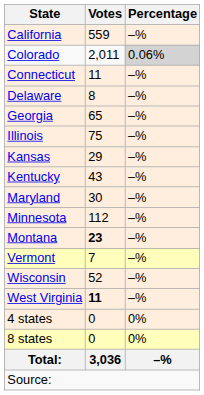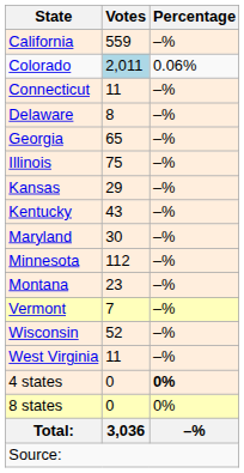 <table class="wikitable mw-collapsible mw-collapsed sortable tpl-blanktable">
 <tr>
 <th>State</th>
 <th>Votes</th>
 <th>Percentage</th>
 </tr>
 <tr style="background:#FED">
 <td><a href='#'>California</a></td>
 <td>559</td>
 <td>–%</td>
 </tr>
 <tr>
 <td><a href='#'>Colorado</a></td>
-<td>2,011</td>
-<td style="background: lightgrey;">0.06%</td>
+<td style="background: lightblue;">2,011</td>
+<td>0.06%</td>
 </tr>
 <tr style="background:#FED">
 <td><a href='#'>Connecticut</a></td>
 <td>11</td>
 <td>–%</td>
 </tr>
 <tr style="background:#FED">
 <td><a href='#'>Delaware</a></td>
 <td>8</td>
 <td>–%</td>
 </tr>
 <tr style="background:#FED">
 <td><a href='#'>Georgia</a></td>
 <td>65</td>
 <td>–%</td>
 </tr>
 <tr style="background:#FED">
 <td><a href='#'>Illinois</a></td>
 <td>75</td>
 <td>–%</td>
 </tr>
 <tr style="background:#FED">
 <td><a href='#'>Kansas</a></td>
 <td>29</td>
 <td>–%</td>
 </tr>
 <tr style="background:#FED">
 <td><a href='#'>Kentucky</a></td>
 <td>43</td>
 <td>–%</td>
 </tr>
 <tr style="background:#FED">
 <td><a href='#'>Maryland</a></td>
 <td>30</td>
 <td>–%</td>
 </tr>
 <tr style="background:#FED">
 <td><a href='#'>Minnesota</a></td>
 <td>112</td>
 <td>–%</td>
 </tr>
 <tr style="background:#FED">
 <td><a href='#'>Montana</a></td>
-<td><strong>23</strong></td>
+<td>23</td>
 <td>–%</td>
 </tr>
 <tr style="background:#FFFFBB">
 <td><a href='#'>Vermont</a></td>
 <td>7</td>
 <td>–%</td>
 </tr>
 <tr style="background:#FED">
 <td><a href='#'>Wisconsin</a></td>
 <td>52</td>
 <td>–%</td>
 </tr>
 <tr style="background:#FED">
 <td><a href='#'>West Virginia</a></td>
-<td><strong>11</strong></td>
+<td>11</td>
 <td>–%</td>
 </tr>
 <tr style="background:#FED">
 <td style="background:#FED">4 states</td>
 <td>0</td>
-<td>0%</td>
+<td><strong>0%</strong></td>
 </tr>
 <tr style="background:#FFFFBB">
 <td>8 states</td>
 <td>0</td>
 <td>0%</td>
 </tr>
 <tr>
 <th>Total:</th>
 <th>3,036</th>
 <th>–%</th>
 </tr>
 <tr>
 <td colspan="3" style="text-align:left;">Source: </td>
 </tr>
 </table>
